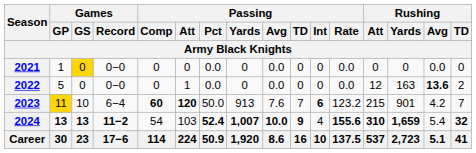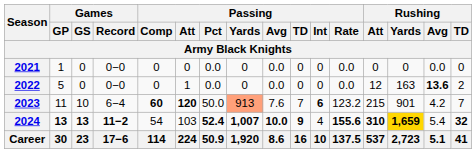 <table class="wikitable" style="text-align:center;">
 <tr>
 <th rowspan="2">Season</th>
 <th colspan="3">Games</th>
 <th colspan="8">Passing</th>
 <th colspan="5">Rushing</th>
 </tr>
 <tr>
 <th>GP</th>
 <th>GS</th>
 <th>Record</th>
 <th>Comp</th>
 <th>Att</th>
 <th>Pct</th>
 <th>Yards</th>
 <th>Avg</th>
 <th>TD</th>
 <th>Int</th>
 <th>Rate</th>
 <th>Att</th>
 <th>Yards</th>
 <th>Avg</th>
 <th>TD</th>
 </tr>
 <tr>
 <th colspan="16">Army Black Knights</th>
 </tr>
 <tr>
 <th><a href='#'>2021</a></th>
 <td>1</td>
-<td style="background: gold;">0</td>
+<td>0</td>
 <td>0−0</td>
 <td>0</td>
 <td>0</td>
 <td>0.0</td>
 <td>0</td>
 <td>0.0</td>
 <td>0</td>
 <td>0</td>
 <td>0.0</td>
 <td>0</td>
 <td>0</td>
 <td>0.0</td>
 <td>0</td>
 </tr>
 <tr>
 <th><a href='#'>2022</a></th>
 <td>5</td>
 <td>0</td>
 <td>0−0</td>
 <td>0</td>
 <td>1</td>
 <td>0.0</td>
 <td>0</td>
 <td>0.0</td>
 <td>0</td>
 <td>0</td>
 <td>0.0</td>
 <td>12</td>
 <td>163</td>
 <td><strong>13.6</strong></td>
 <td>2</td>
 </tr>
 <tr>
 <th><a href='#'>2023</a></th>
-<td style="background: gold;">11</td>
+<td>11</td>
 <td>10</td>
 <td>6−4</td>
 <td><strong>60</strong></td>
 <td><strong>120</strong></td>
 <td>50.0</td>
-<td>913</td>
+<td style="background: lightsalmon;">913</td>
 <td>7.6</td>
 <td>7</td>
 <td><strong>6</strong></td>
 <td>123.2</td>
 <td>215</td>
 <td>901</td>
 <td>4.2</td>
 <td>7</td>
 </tr>
 <tr>
 <th><a href='#'>2024</a></th>
 <td><strong>13</strong></td>
 <td><strong>13</strong></td>
 <td><strong>11−2</strong></td>
 <td>54</td>
 <td>103</td>
 <td><strong>52.4</strong></td>
 <td><strong>1,007</strong></td>
 <td><strong>10.0</strong></td>
 <td><strong>9</strong></td>
 <td>4</td>
 <td><strong>155.6</strong></td>
 <td><strong>310</strong></td>
-<td><strong>1,659</strong></td>
+<td style="background: gold;"><strong>1,659</strong></td>
 <td>5.4</td>
 <td><strong>32</strong></td>
 </tr>
 <tr>
 <th>Career</th>
 <th>30</th>
 <th>23</th>
 <th>17−6</th>
 <th>114</th>
 <th>224</th>
 <th>50.9</th>
 <th>1,920</th>
 <th>8.6</th>
 <th>16</th>
 <th>10</th>
 <th>137.5</th>
 <th>537</th>
 <th>2,723</th>
 <th>5.1</th>
 <th>41</th>
 </tr>
 </table>
